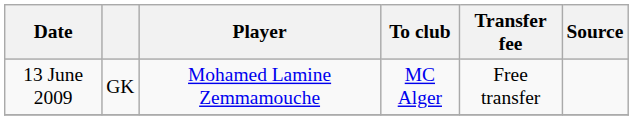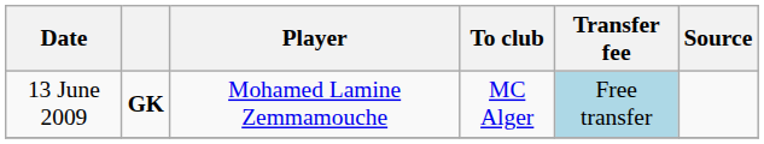 <table class="wikitable sortable" style="width:70%; text-align:center; font-size:85%; text-align:centre;">
 <tr>
 <th>Date</th>
 <th></th>
 <th>Player</th>
 <th>To club</th>
 <th>Transfer fee</th>
 <th>Source</th>
 </tr>
 <tr>
 <td>13 June 2009</td>
-<td>GK</td>
+<td><strong>GK</strong></td>
 <td> <a href='#'>Mohamed Lamine Zemmamouche</a></td>
 <td><a href='#'>MC Alger</a></td>
-<td>Free transfer</td>
+<td style="background: lightblue;">Free transfer</td>
 <td></td>
 </tr>
 <tr>
 </tr>
 </table>
